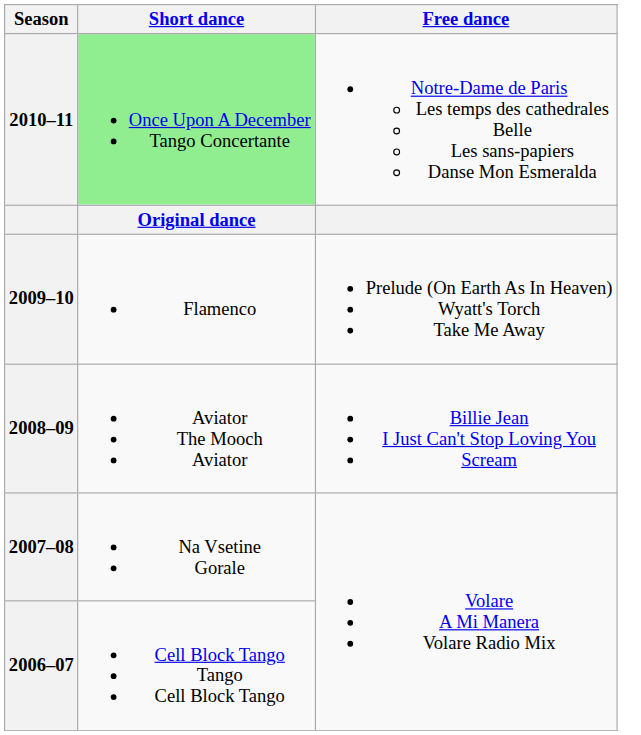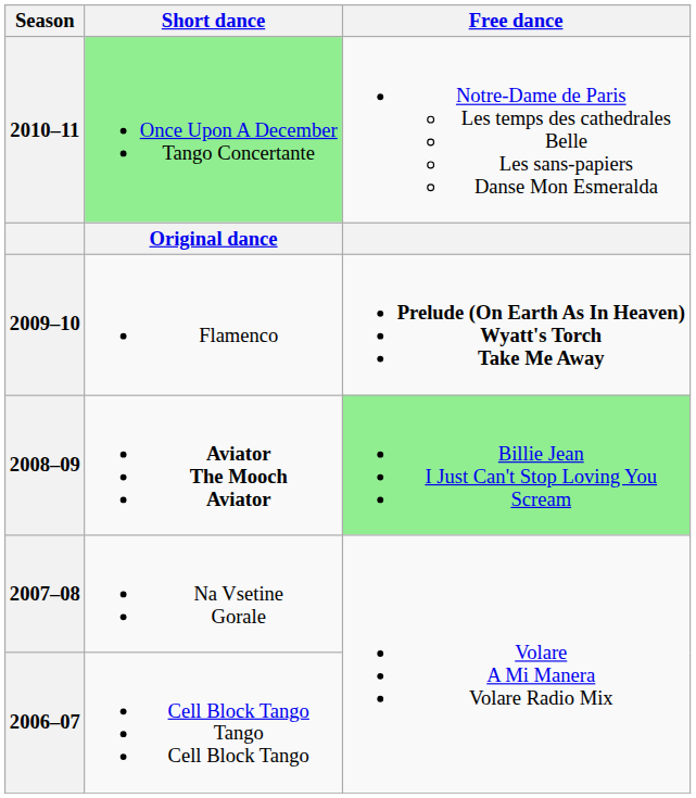 <table class="wikitable" style="text-align:center">
 <tr>
 <th>Season</th>
 <th><a href='#'>Short dance</a></th>
 <th><a href='#'>Free dance</a></th>
 </tr>
 <tr>
 <th>2010–11 <br> </th>
 <td style="background: lightgreen;"><br><ul><li><a href='#'>Once Upon A December</a> <br></li><li>Tango Concertante <br></li></ul></td>
 <td><br><ul><li><a href='#'>Notre-Dame de Paris</a> <br><ul><li>Les temps des cathedrales</li><li>Belle</li><li>Les sans-papiers</li><li>Danse Mon Esmeralda</li></ul></li></ul></td>
 </tr>
 <tr>
 <th></th>
 <th><a href='#'>Original dance</a></th>
 <th></th>
 </tr>
 <tr>
 <th>2009–10 <br> </th>
 <td><br><ul><li>Flamenco</li></ul></td>
-<td><br><ul><li>Prelude (On Earth As In Heaven) <br></li><li>Wyatt's Torch <br></li><li>Take Me Away <br></li></ul></td>
+<td><strong><br><ul><li>Prelude (On Earth As In Heaven) <br></li><li>Wyatt's Torch <br></li><li>Take Me Away <br></li></ul></strong></td>
 </tr>
 <tr>
 <th>2008–09 <br> </th>
-<td><br><ul><li> Aviator</li><li>The Mooch</li><li> Aviator</li></ul></td>
-<td><br><ul><li><a href='#'>Billie Jean</a> <br></li><li><a href='#'>I Just Can't Stop Loving You</a> <br></li><li><a href='#'>Scream</a> <br></li></ul></td>
+<td><strong><br><ul><li> Aviator</li><li>The Mooch</li><li> Aviator</li></ul></strong></td>
+<td style="background: lightgreen;"><br><ul><li><a href='#'>Billie Jean</a> <br></li><li><a href='#'>I Just Can't Stop Loving You</a> <br></li><li><a href='#'>Scream</a> <br></li></ul></td>
 </tr>
 <tr>
 <th>2007–08 <br> </th>
 <td><br><ul><li>Na Vsetine <br></li><li>Gorale <br></li></ul></td>
 <td rowspan=2><br><ul><li><a href='#'>Volare</a> <br></li><li><a href='#'>A Mi Manera</a> <br></li><li>Volare Radio Mix <br></li></ul></td>
 </tr>
 <tr>
 <th>2006–07 <br> </th>
 <td><br><ul><li><a href='#'>Cell Block Tango</a> <br></li><li>Tango <br></li><li>Cell Block Tango <br></li></ul></td>
 </tr>
 </table>
